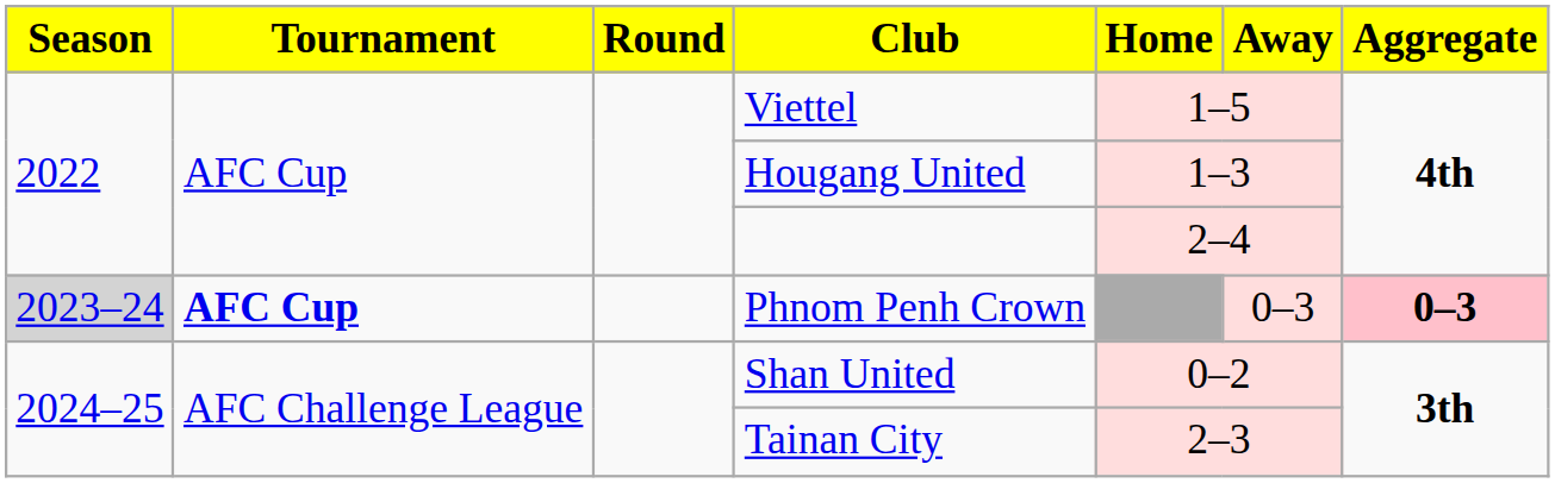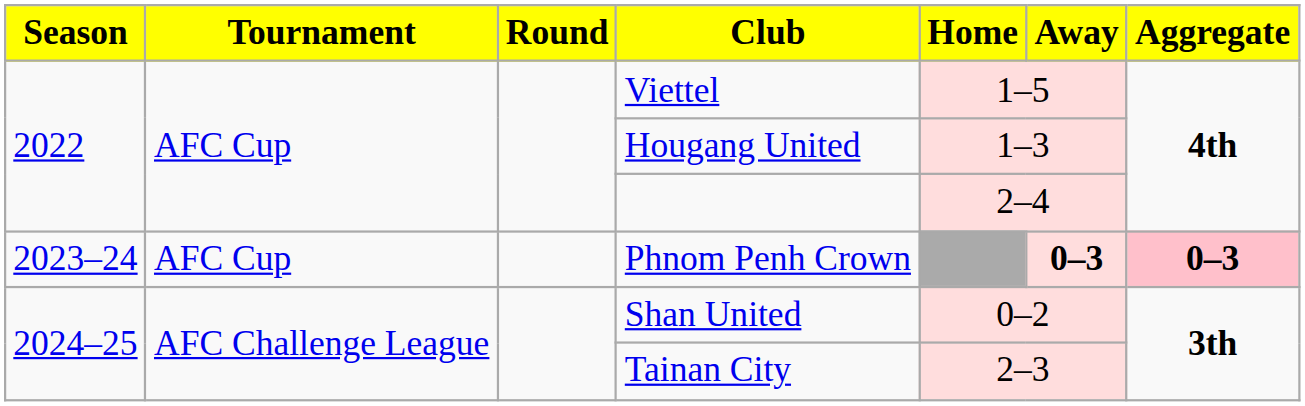 <table class="wikitable">
 <tr>
 <th style="background:yellow"><span> Season</span></th>
 <th style="background:yellow"><span> Tournament</span></th>
 <th style="background:yellow"><span> Round</span></th>
 <th style="background:yellow"><span> Club</span></th>
 <th style="background:yellow"><span> Home</span></th>
 <th style="background:yellow"><span> Away</span></th>
 <th style="background:yellow"><span> Aggregate</span></th>
 </tr>
 <tr>
 <td rowspan="3"><a href='#'>2022</a></td>
 <td rowspan="3"><a href='#'>AFC Cup</a></td>
 <td rowspan="3"></td>
 <td> <a href='#'>Viettel</a></td>
 <td colspan=2 style="text-align:center; background:#fdd;">1–5</td>
 <td rowspan=3; style="text-align:center;"><strong>4th</strong></td>
 </tr>
 <tr>
 <td> <a href='#'>Hougang United</a></td>
 <td colspan=2 style="text-align:center; background:#fdd;">1–3</td>
 </tr>
 <tr>
 <td></td>
 <td colspan=2 style="text-align:center; background:#fdd;">2–4</td>
 </tr>
 <tr>
-<td style="background: lightgrey;"><a href='#'>2023–24</a></td>
-<td><strong><a href='#'>AFC Cup</a></strong></td>
+<td><a href='#'>2023–24</a></td>
+<td><a href='#'>AFC Cup</a></td>
 <td></td>
 <td> <a href='#'>Phnom Penh Crown</a></td>
 <td style="text-align:center; background:#aaa;"></td>
-<td style="text-align:center; background:#fdd;">0–3</td>
+<td style="text-align:center; background:#fdd;"><strong>0–3</strong></td>
 <td style="background: pink; text-align:center;"><strong>0–3</strong></td>
 </tr>
 <tr>
 <td rowspan="2"><a href='#'>2024–25</a></td>
 <td rowspan="2"><a href='#'>AFC Challenge League</a></td>
 <td rowspan="2"></td>
 <td> <a href='#'>Shan United</a></td>
 <td colspan=2 style="text-align:center; background:#fdd;">0–2</td>
 <td rowspan=3; style="text-align:center;"><strong>3th</strong></td>
 </tr>
 <tr>
 <td> <a href='#'>Tainan City</a></td>
 <td colspan=2 style="text-align:center; background:#fdd;">2–3</td>
 </tr>
 </table>
